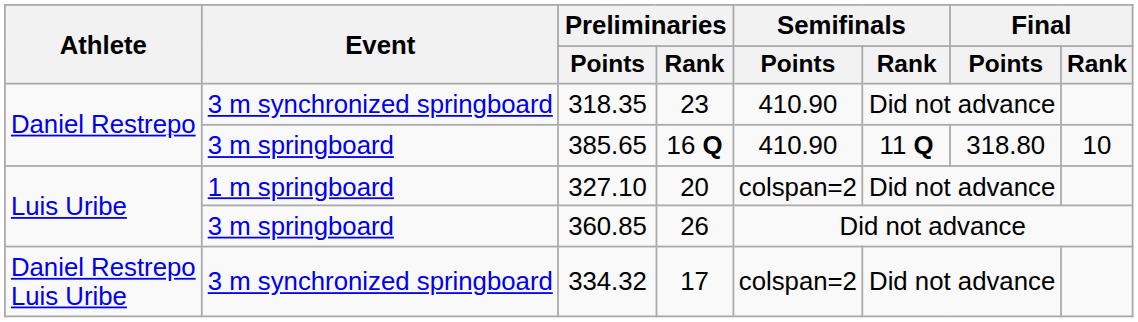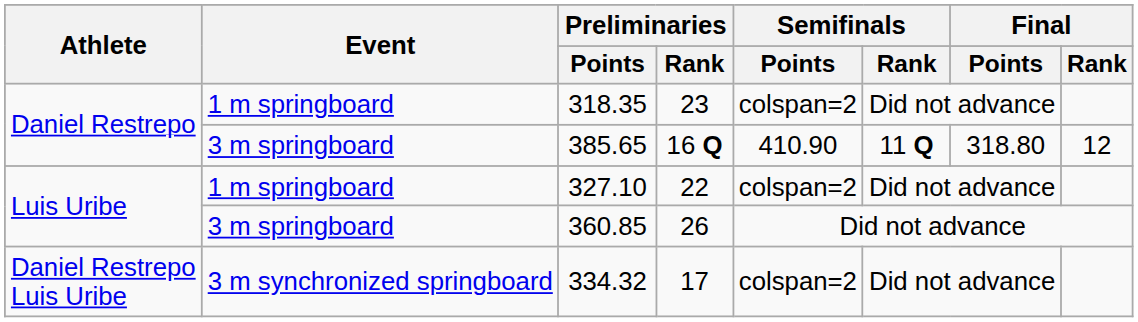 <table class="wikitable" style="text-align:center; font-size:90%;">
 <tr>
 <th rowspan=2>Athlete</th>
 <th rowspan=2>Event</th>
 <th colspan=2>Preliminaries</th>
 <th colspan=2>Semifinals</th>
 <th colspan=2>Final</th>
 </tr>
 <tr style="font-size:95%">
 <th>Points</th>
 <th>Rank</th>
 <th>Points</th>
 <th>Rank</th>
 <th>Points</th>
 <th>Rank</th>
 </tr>
 <tr>
 <td align=left rowspan=2><a href='#'>Daniel Restrepo</a></td>
-<td align=left><a href='#'>3 m synchronized springboard</a></td>
+<td align=left><a href='#'>1 m springboard</a></td>
 <td>318.35</td>
 <td>23</td>
-<td>410.90</td>
+<td>colspan=2 </td>
 <td colspan=2>Did not advance</td>
 </tr>
 <tr>
 <td align=left><a href='#'>3 m springboard</a></td>
 <td>385.65</td>
 <td>16 <strong>Q</strong></td>
 <td>410.90</td>
 <td>11 <strong>Q</strong></td>
 <td>318.80</td>
-<td>10</td>
+<td>12</td>
 </tr>
 <tr>
 <td align=left rowspan=2><a href='#'>Luis Uribe</a></td>
 <td align=left><a href='#'>1 m springboard</a></td>
 <td>327.10</td>
-<td>20</td>
+<td>22</td>
 <td>colspan=2 </td>
 <td colspan=2>Did not advance</td>
 </tr>
 <tr>
 <td align=left><a href='#'>3 m springboard</a></td>
 <td>360.85</td>
 <td>26</td>
 <td colspan=4>Did not advance</td>
 </tr>
 <tr>
 <td align=left><a href='#'>Daniel Restrepo</a><br> <a href='#'>Luis Uribe</a></td>
 <td align=left><a href='#'>3 m synchronized springboard</a></td>
 <td>334.32</td>
 <td>17</td>
 <td>colspan=2 </td>
 <td colspan=2>Did not advance</td>
 </tr>
 </table>
